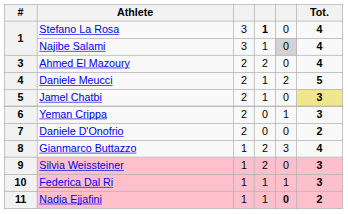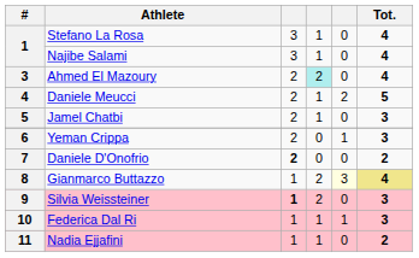 <table class="wikitable sortable" width=40% style="font-size:100%; text-align:center;">
 <tr>
 <th>#</th>
 <th>Athlete</th>
 <th></th>
 <th></th>
 <th></th>
 <th>Tot.</th>
 </tr>
 <tr>
 <th rowspan=2>1</th>
 <td align=left><a href='#'>Stefano La Rosa</a></td>
 <td>3</td>
-<td><strong>1</strong></td>
+<td>1</td>
 <td>0</td>
 <td><strong>4</strong></td>
 </tr>
 <tr>
 <td align=left><a href='#'>Najibe Salami</a></td>
 <td>3</td>
 <td>1</td>
-<td style="background: lightgrey;">0</td>
+<td>0</td>
 <td><strong>4</strong></td>
 </tr>
 <tr>
 <th>3</th>
 <td align=left><a href='#'>Ahmed El Mazoury</a></td>
 <td>2</td>
-<td>2</td>
+<td style="background: paleturquoise;">2</td>
 <td>0</td>
 <td><strong>4</strong></td>
 </tr>
 <tr>
 <th>4</th>
 <td align=left><a href='#'>Daniele Meucci</a></td>
 <td>2</td>
 <td>1</td>
 <td>2</td>
 <td><strong>5</strong></td>
 </tr>
 <tr>
 <th>5</th>
 <td align=left><a href='#'>Jamel Chatbi</a></td>
 <td>2</td>
 <td>1</td>
 <td>0</td>
-<td style="background: khaki;"><strong>3</strong></td>
+<td><strong>3</strong></td>
 </tr>
 <tr>
 </tr>
 <tr>
 <th>6</th>
 <td align=left><a href='#'>Yeman Crippa</a></td>
 <td>2</td>
 <td>0</td>
 <td>1</td>
 <td><strong>3</strong></td>
 </tr>
 <tr>
 <th>7</th>
 <td align=left><a href='#'>Daniele D'Onofrio</a></td>
-<td>2</td>
+<td><strong>2</strong></td>
 <td>0</td>
 <td>0</td>
 <td><strong>2</strong></td>
 </tr>
 <tr>
 <th>8</th>
 <td align=left><a href='#'>Gianmarco Buttazzo</a></td>
 <td>1</td>
 <td>2</td>
-<td>3</td>
-<td><strong>4</strong></td>
+<td style="background: lightyellow;">3</td>
+<td style="background: khaki;"><strong>4</strong></td>
 </tr>
 <tr bgcolor=pink>
 <th>9</th>
 <td align=left><a href='#'>Silvia Weissteiner</a></td>
-<td>1</td>
+<td><strong>1</strong></td>
 <td>2</td>
 <td>0</td>
 <td><strong>3</strong></td>
 </tr>
 <tr bgcolor=pink>
 <th>10</th>
 <td align=left><a href='#'>Federica Dal Ri</a></td>
 <td>1</td>
 <td>1</td>
 <td>1</td>
 <td><strong>3</strong></td>
 </tr>
 <tr bgcolor=pink>
 <th>11</th>
 <td align=left><a href='#'>Nadia Ejjafini</a></td>
 <td>1</td>
 <td>1</td>
-<td><strong>0</strong></td>
+<td>0</td>
 <td><strong>2</strong></td>
 </tr>
 </table>
